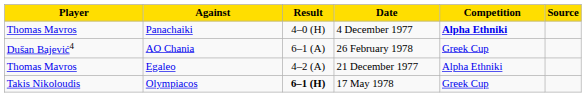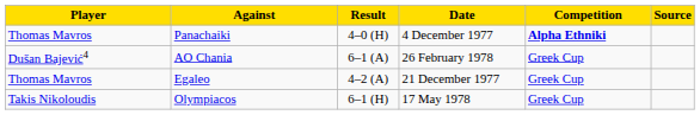 <table class="wikitable">
 <tr>
 <th width=200 style="background:#FFDE00">Player</th>
 <th width=200 style="background:#FFDE00">Against</th>
 <th width=70 style="background:#FFDE00">Result</th>
 <th width=150 style="background:#FFDE00">Date</th>
 <th width=150 style="background:#FFDE00">Competition</th>
 <th style="background:#FFDE00">Source</th>
 </tr>
 <tr>
 <td> <a href='#'>Thomas Mavros</a></td>
 <td> <a href='#'>Panachaiki</a></td>
 <td align=center>4–0 (H)</td>
 <td>4 December 1977</td>
 <td><strong><a href='#'>Alpha Ethniki</a></strong></td>
 <td align=center></td>
 </tr>
 <tr>
 <td> <a href='#'>Dušan Bajević</a><sup>4</sup></td>
 <td> <a href='#'>AO Chania</a></td>
 <td align=center>6–1 (A)</td>
 <td>26 February 1978</td>
 <td><a href='#'>Greek Cup</a></td>
 <td align=center></td>
 </tr>
 <tr>
 <td> <a href='#'>Thomas Mavros</a></td>
 <td> <a href='#'>Egaleo</a></td>
 <td align=center>4–2 (Α)</td>
 <td>21 December 1977</td>
-<td><a href='#'>Alpha Ethniki</a></td>
+<td><a href='#'>Greek Cup</a></td>
 <td align=center></td>
 </tr>
 <tr>
 <td> <a href='#'>Takis Nikoloudis</a></td>
 <td> <a href='#'>Olympiacos</a></td>
-<td align=center><strong>6–1 (H)</strong></td>
+<td align=center>6–1 (H)</td>
 <td>17 May 1978</td>
 <td><a href='#'>Greek Cup</a></td>
 <td align=center></td>
 </tr>
 </table>
